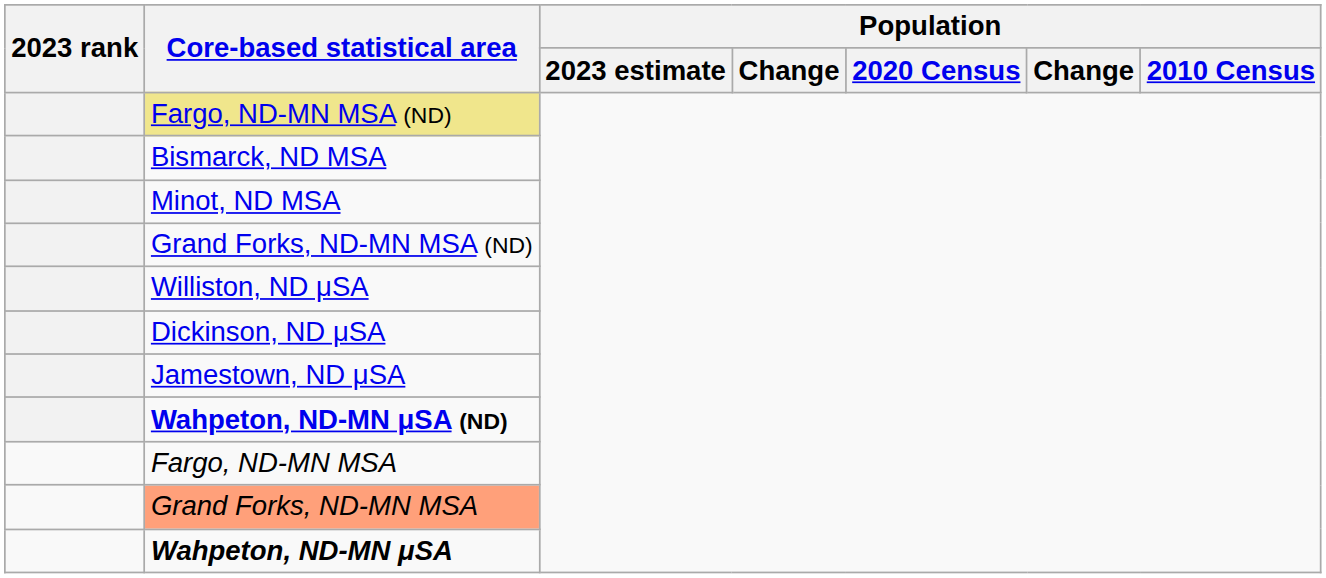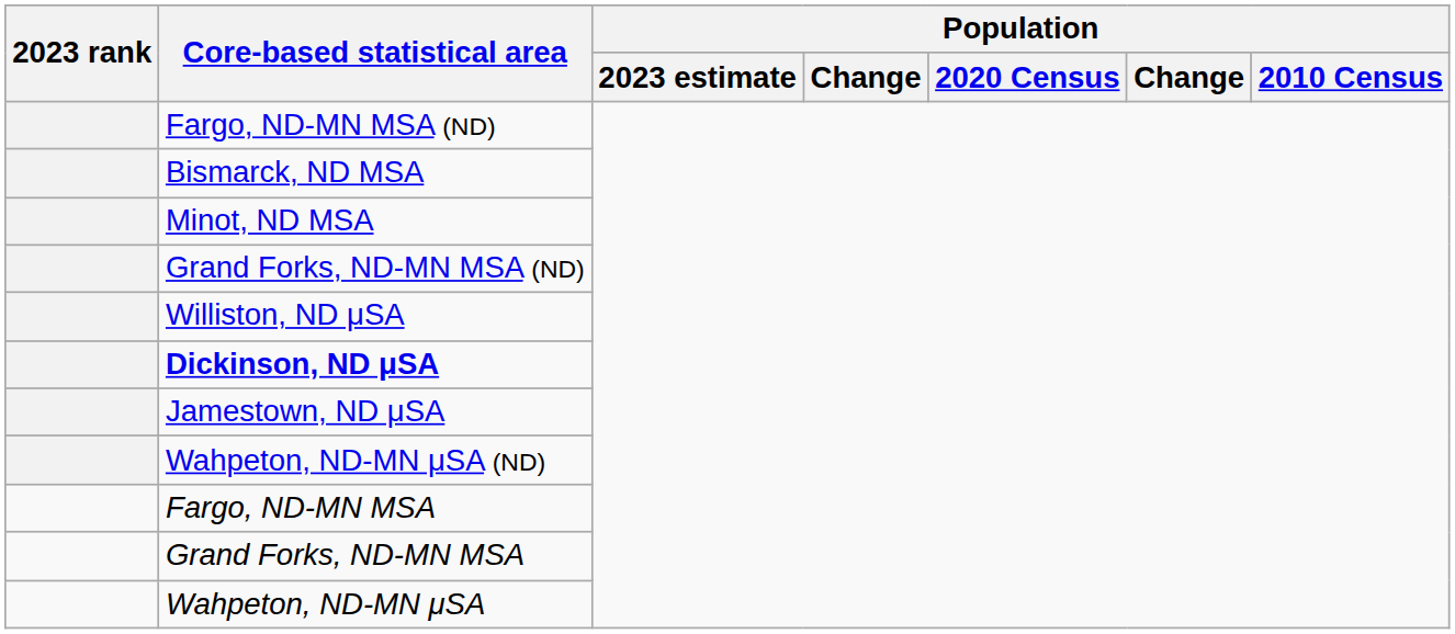 <table class="wikitable sortable">
 <tr>
 <th scope=col rowspan=2>2023 rank</th>
 <th scope=col rowspan=2><a href='#'>Core-based statistical area</a></th>
 <th colspan=5>Population</th>
 </tr>
 <tr>
 <th scope=col>2023 estimate</th>
 <th scope=col>Change</th>
 <th scope=col><a href='#'>2020 Census</a></th>
 <th scope=col>Change</th>
 <th scope=col><a href='#'>2010 Census</a></th>
 </tr>
 <tr>
 <th scope=row></th>
-<td style="background: khaki;"><a href='#'>Fargo, ND-MN MSA</a> <small>(ND)</small><br></td>
+<td><a href='#'>Fargo, ND-MN MSA</a> <small>(ND)</small><br></td>
 </tr>
 <tr>
 <th scope=row></th>
 <td><a href='#'>Bismarck, ND MSA</a><br></td>
 </tr>
 <tr>
 <th scope=row></th>
 <td><a href='#'>Minot, ND MSA</a><br></td>
 </tr>
 <tr>
 <th scope=row></th>
 <td><a href='#'>Grand Forks, ND-MN MSA</a> <small>(ND)</small><br></td>
 </tr>
 <tr>
 <th scope=row></th>
 <td><a href='#'>Williston, ND μSA</a><br></td>
 </tr>
 <tr>
 <th scope=row></th>
-<td><a href='#'>Dickinson, ND μSA</a><br></td>
+<td><strong><a href='#'>Dickinson, ND μSA</a><br></strong></td>
 </tr>
 <tr>
 <th scope=row></th>
 <td><a href='#'>Jamestown, ND μSA</a><br></td>
 </tr>
 <tr>
 <th scope=row></th>
-<td><strong><a href='#'>Wahpeton, ND-MN μSA</a> <small>(ND)</small><br></strong></td>
+<td><a href='#'>Wahpeton, ND-MN μSA</a> <small>(ND)</small><br></td>
 </tr>
 <tr>
 <td></td>
 <td><em><span>Fargo, ND-MN MSA</span></em><br></td>
 </tr>
 <tr>
 <td></td>
-<td style="background: lightsalmon;"><em><span>Grand Forks, ND-MN MSA</span></em><br></td>
+<td><em><span>Grand Forks, ND-MN MSA</span></em><br></td>
 </tr>
 <tr>
 <td></td>
-<td><strong><em><span>Wahpeton, ND-MN μSA</span></em><br></strong></td>
+<td><em><span>Wahpeton, ND-MN μSA</span></em><br></td>
 </tr>
 </table>
